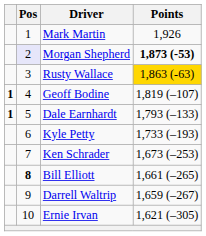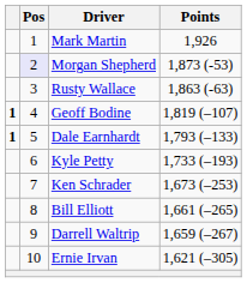 <table class="wikitable" style="font-size: 95%;">
 <tr>
 <th></th>
 <th>Pos</th>
 <th>Driver</th>
 <th>Points</th>
 </tr>
 <tr>
 <td align="left"></td>
 <td style="text-align:center;">1</td>
 <td><a href='#'>Mark Martin</a></td>
 <td style="text-align:center;">1,926</td>
 </tr>
 <tr>
 <td align="left"></td>
 <td style="background: lavender; text-align:center;">2</td>
 <td><a href='#'>Morgan Shepherd</a></td>
-<td style="text-align:center;"><strong>1,873 (-53)</strong></td>
+<td style="text-align:center;">1,873 (-53)</td>
 </tr>
 <tr>
 <td align="left"></td>
 <td style="text-align:center;">3</td>
 <td><a href='#'>Rusty Wallace</a></td>
-<td style="background: gold; text-align:center;">1,863 (-63)</td>
+<td style="text-align:center;">1,863 (-63)</td>
 </tr>
 <tr>
 <td align="left">  <strong>1</strong></td>
 <td style="text-align:center;">4</td>
 <td><a href='#'>Geoff Bodine</a></td>
 <td style="text-align:center;">1,819 (–107)</td>
 </tr>
 <tr>
 <td align="left">  <strong>1</strong></td>
 <td style="text-align:center;">5</td>
 <td><a href='#'>Dale Earnhardt</a></td>
 <td style="text-align:center;">1,793 (–133)</td>
 </tr>
 <tr>
 <td align="left"></td>
 <td style="text-align:center;">6</td>
 <td><a href='#'>Kyle Petty</a></td>
 <td style="text-align:center;">1,733 (–193)</td>
 </tr>
 <tr>
 <td align="left"></td>
 <td style="text-align:center;">7</td>
 <td><a href='#'>Ken Schrader</a></td>
 <td style="text-align:center;">1,673 (–253)</td>
 </tr>
 <tr>
 <td align="left"></td>
-<td style="text-align:center;"><strong>8</strong></td>
+<td style="text-align:center;">8</td>
 <td><a href='#'>Bill Elliott</a></td>
 <td style="text-align:center;">1,661 (–265)</td>
 </tr>
 <tr>
 <td align="left"></td>
 <td style="text-align:center;">9</td>
 <td><a href='#'>Darrell Waltrip</a></td>
 <td style="text-align:center;">1,659 (–267)</td>
 </tr>
 <tr>
 <td align="left"></td>
 <td style="text-align:center;">10</td>
 <td><a href='#'>Ernie Irvan</a></td>
 <td style="text-align:center;">1,621 (–305)</td>
 </tr>
 <tr class="sortbottom">
 <th colspan="9"></th>
 </tr>
 </table>
